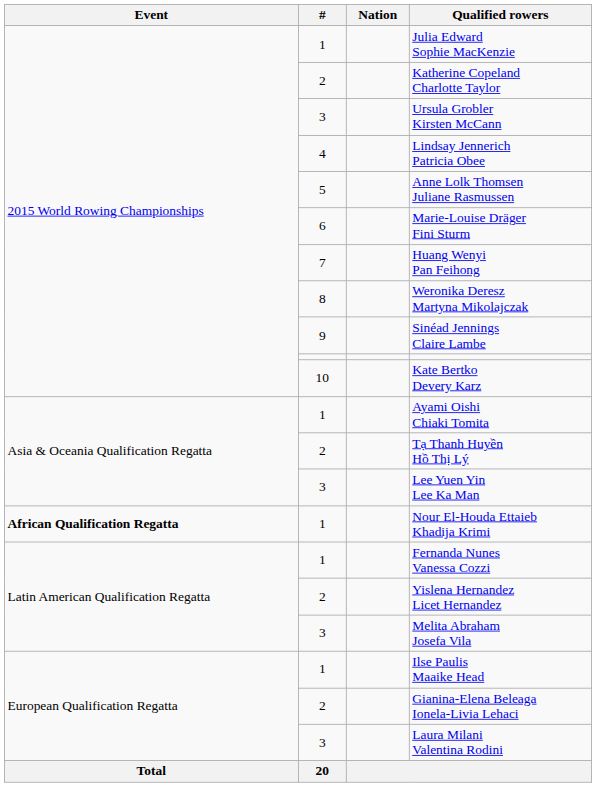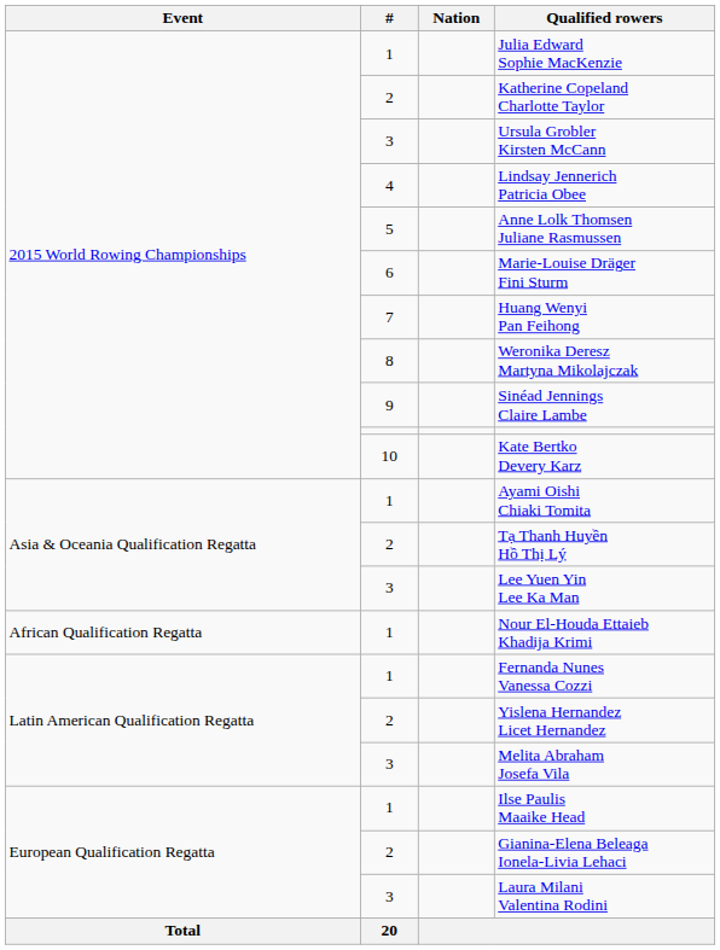 <table class="wikitable"  style="width:700px; text-align:center;">
 <tr>
 <th>Event</th>
 <th width=50>#</th>
 <th>Nation</th>
 <th>Qualified rowers</th>
 </tr>
 <tr>
 <td rowspan=11 align=left><a href='#'>2015 World Rowing Championships</a></td>
 <td>1</td>
 <td align=left></td>
 <td align=left><a href='#'>Julia Edward</a><br><a href='#'>Sophie MacKenzie</a></td>
 </tr>
 <tr>
 <td>2</td>
 <td align=left></td>
 <td align=left><a href='#'>Katherine Copeland</a><br><a href='#'>Charlotte Taylor</a></td>
 </tr>
 <tr>
 <td>3</td>
 <td align=left></td>
 <td align=left><a href='#'>Ursula Grobler</a><br><a href='#'>Kirsten McCann</a></td>
 </tr>
 <tr>
 <td>4</td>
 <td align=left></td>
 <td align=left><a href='#'>Lindsay Jennerich</a><br><a href='#'>Patricia Obee</a></td>
 </tr>
 <tr>
 <td>5</td>
 <td align=left></td>
 <td align=left><a href='#'>Anne Lolk Thomsen</a><br><a href='#'>Juliane Rasmussen</a></td>
 </tr>
 <tr>
 <td>6</td>
 <td align=left></td>
 <td align=left><a href='#'>Marie-Louise Dräger</a><br><a href='#'>Fini Sturm</a></td>
 </tr>
 <tr>
 <td>7</td>
 <td align=left></td>
 <td align=left><a href='#'>Huang Wenyi</a><br><a href='#'>Pan Feihong</a></td>
 </tr>
 <tr>
 <td>8</td>
 <td align=left></td>
 <td align=left><a href='#'>Weronika Deresz</a><br><a href='#'>Martyna Mikolajczak</a></td>
 </tr>
 <tr>
 <td>9</td>
 <td align=left></td>
 <td align=left><a href='#'>Sinéad Jennings</a><br><a href='#'>Claire Lambe</a></td>
 </tr>
 <tr>
 <td></td>
 <td align=left><s></s></td>
 <td align=left></td>
 </tr>
 <tr>
 <td>10</td>
 <td align=left></td>
 <td align=left><a href='#'>Kate Bertko</a><br><a href='#'>Devery Karz</a></td>
 </tr>
 <tr>
 <td rowspan=3 align=left>Asia & Oceania Qualification Regatta</td>
 <td>1</td>
 <td align=left></td>
 <td align=left><a href='#'>Ayami Oishi</a><br><a href='#'>Chiaki Tomita</a></td>
 </tr>
 <tr>
 <td>2</td>
 <td align=left></td>
 <td align=left><a href='#'>Tạ Thanh Huyền</a><br><a href='#'>Hồ Thị Lý</a></td>
 </tr>
 <tr>
 <td>3</td>
 <td align=left></td>
 <td align=left><a href='#'>Lee Yuen Yin</a><br><a href='#'>Lee Ka Man</a></td>
 </tr>
 <tr>
-<td align=left><strong>African Qualification Regatta</strong></td>
+<td align=left>African Qualification Regatta</td>
 <td>1</td>
 <td align=left></td>
 <td align=left><a href='#'>Nour El-Houda Ettaieb</a><br><a href='#'>Khadija Krimi</a></td>
 </tr>
 <tr>
 <td rowspan=3 align=left>Latin American Qualification Regatta</td>
 <td>1</td>
 <td align=left></td>
 <td align=left><a href='#'>Fernanda Nunes</a><br><a href='#'>Vanessa Cozzi</a></td>
 </tr>
 <tr>
 <td>2</td>
 <td align=left></td>
 <td align=left><a href='#'>Yislena Hernandez</a><br><a href='#'>Licet Hernandez</a></td>
 </tr>
 <tr>
 <td>3</td>
 <td align=left></td>
 <td align=left><a href='#'>Melita Abraham</a><br><a href='#'>Josefa Vila</a></td>
 </tr>
 <tr>
 <td rowspan=3 align=left>European Qualification Regatta</td>
 <td>1</td>
 <td align=left></td>
 <td align=left><a href='#'>Ilse Paulis</a><br><a href='#'>Maaike Head</a></td>
 </tr>
 <tr>
 <td>2</td>
 <td align=left></td>
 <td align=left><a href='#'>Gianina-Elena Beleaga</a><br><a href='#'>Ionela-Livia Lehaci</a></td>
 </tr>
 <tr>
 <td>3</td>
 <td align=left></td>
 <td align=left><a href='#'>Laura Milani</a><br><a href='#'>Valentina Rodini</a></td>
 </tr>
 <tr>
 <th>Total</th>
 <th>20</th>
 <th colspan=2></th>
 </tr>
 </table>
